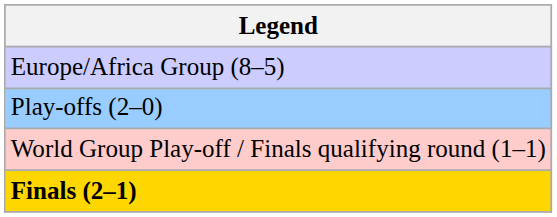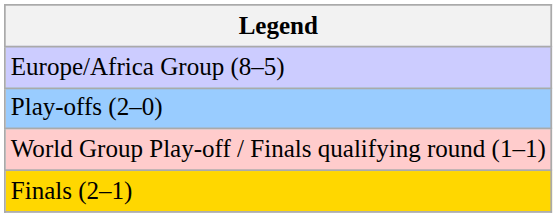 <table class=wikitable style=font-size:90%>
 <tr>
 <th>Legend</th>
 </tr>
 <tr>
 <td bgcolor=CCCCFF>Europe/Africa Group (8–5)</td>
 </tr>
 <tr>
 <td bgcolor=99ccff>Play-offs (2–0)</td>
 </tr>
 <tr>
 <td bgcolor=ffcccc>World Group Play-off / Finals qualifying round (1–1)</td>
 </tr>
 <tr>
-<td bgcolor="gold"><strong>Finals (2–1)</strong></td>
+<td bgcolor="gold">Finals (2–1)</td>
 </tr>
 </table>
